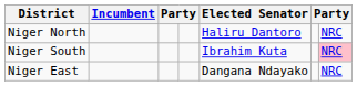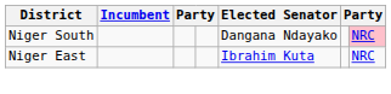 <table class="sortable wikitable" style="font-size:95%;line-height:14px;">
 <tr>
 <th class="unsortable">District</th>
 <th class="unsortable"><a href='#'>Incumbent</a></th>
 <th colspan="2">Party</th>
 <th class="unsortable">Elected Senator</th>
 <th colspan="2">Party</th>
 </tr>
 <tr>
-<td>Niger North</td>
-<td></td>
-<td></td>
-<td></td>
-<td><a href='#'>Haliru Dantoro</a></td>
-<td style="background:"></td>
-<td><a href='#'>NRC</a></td>
-</tr>
-<tr>
 <td>Niger South</td>
 <td></td>
 <td></td>
 <td></td>
-<td><a href='#'>Ibrahim Kuta</a></td>
+<td>Dangana Ndayako</td>
 <td style="background:"></td>
 <td style="background: pink;"><a href='#'>NRC</a></td>
 </tr>
 <tr>
 <td>Niger East</td>
 <td></td>
 <td></td>
 <td></td>
-<td>Dangana Ndayako</td>
+<td><a href='#'>Ibrahim Kuta</a></td>
 <td style="background:"></td>
 <td><a href='#'>NRC</a></td>
 </tr>
 </table>
